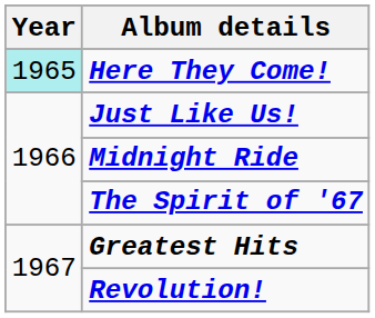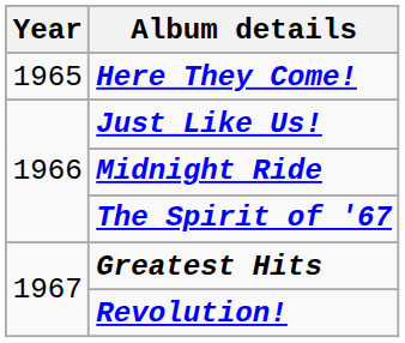 <table class="wikitable">
 <tr>
 <th>Year</th>
 <th>Album details</th>
 </tr>
 <tr>
-<td style="background: paleturquoise;">1965</td>
+<td>1965</td>
 <td><strong><em><a href='#'>Here They Come!</a></em></strong></td>
 </tr>
 <tr>
 <td rowspan="3">1966</td>
 <td><strong><em><a href='#'>Just Like Us!</a></em></strong></td>
 </tr>
 <tr>
 <td><strong><em><a href='#'>Midnight Ride</a></em></strong></td>
 </tr>
 <tr>
 <td><strong><em><a href='#'>The Spirit of '67</a></em></strong></td>
 </tr>
 <tr>
 <td rowspan="2">1967</td>
 <td><strong><em>Greatest Hits</em></strong></td>
 </tr>
 <tr>
 <td><strong><em><a href='#'>Revolution!</a></em></strong></td>
 </tr>
 </table>
